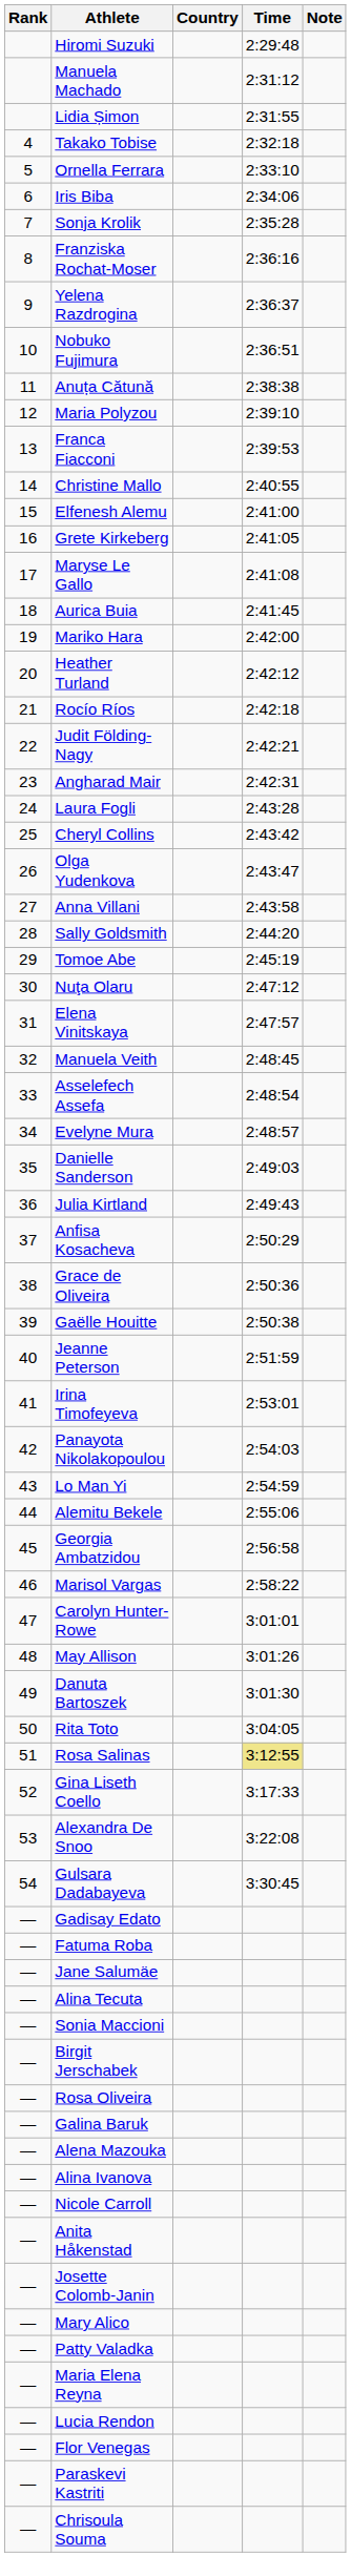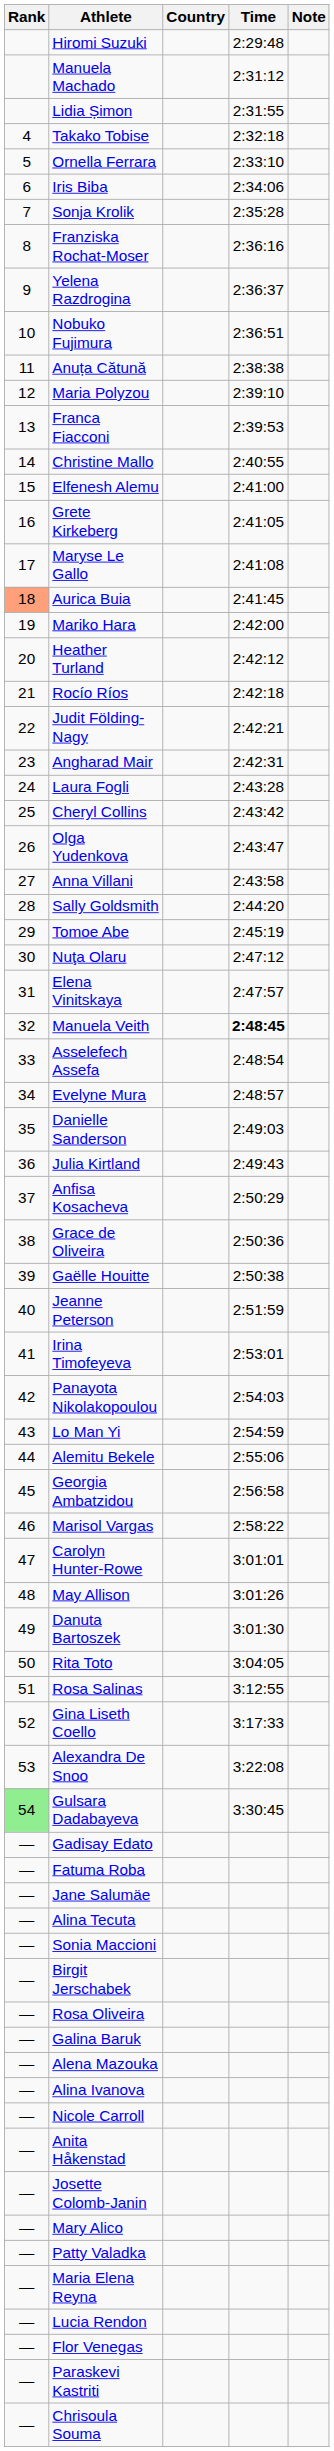 <table class="wikitable sortable" style=" text-align:center; font-size:110%;" width="60%">
 <tr>
 <th>Rank</th>
 <th>Athlete</th>
 <th>Country</th>
 <th>Time</th>
 <th>Note</th>
 </tr>
 <tr>
 <td></td>
 <td align=left><a href='#'>Hiromi Suzuki</a></td>
 <td align=left></td>
 <td>2:29:48</td>
 <td></td>
 </tr>
 <tr>
 <td></td>
 <td align=left><a href='#'>Manuela Machado</a></td>
 <td align=left></td>
 <td>2:31:12</td>
 <td></td>
 </tr>
 <tr>
 <td></td>
 <td align=left><a href='#'>Lidia Șimon</a></td>
 <td align=left></td>
 <td>2:31:55</td>
 <td></td>
 </tr>
 <tr>
 <td>4</td>
 <td align=left><a href='#'>Takako Tobise</a></td>
 <td align=left></td>
 <td>2:32:18</td>
 <td></td>
 </tr>
 <tr>
 <td>5</td>
 <td align=left><a href='#'>Ornella Ferrara</a></td>
 <td align=left></td>
 <td>2:33:10</td>
 <td></td>
 </tr>
 <tr>
 <td>6</td>
 <td align=left><a href='#'>Iris Biba</a></td>
 <td align=left></td>
 <td>2:34:06</td>
 <td></td>
 </tr>
 <tr>
 <td>7</td>
 <td align=left><a href='#'>Sonja Krolik</a></td>
 <td align=left></td>
 <td>2:35:28</td>
 <td></td>
 </tr>
 <tr>
 <td>8</td>
 <td align=left><a href='#'>Franziska Rochat-Moser</a></td>
 <td align=left></td>
 <td>2:36:16</td>
 <td></td>
 </tr>
 <tr>
 <td>9</td>
 <td align=left><a href='#'>Yelena Razdrogina</a></td>
 <td align=left></td>
 <td>2:36:37</td>
 <td></td>
 </tr>
 <tr>
 <td>10</td>
 <td align=left><a href='#'>Nobuko Fujimura</a></td>
 <td align=left></td>
 <td>2:36:51</td>
 <td></td>
 </tr>
 <tr>
 <td>11</td>
 <td align=left><a href='#'>Anuța Cătună</a></td>
 <td align=left></td>
 <td>2:38:38</td>
 <td></td>
 </tr>
 <tr>
 <td>12</td>
 <td align=left><a href='#'>Maria Polyzou</a></td>
 <td align=left></td>
 <td>2:39:10</td>
 <td></td>
 </tr>
 <tr>
 <td>13</td>
 <td align=left><a href='#'>Franca Fiacconi</a></td>
 <td align=left></td>
 <td>2:39:53</td>
 <td></td>
 </tr>
 <tr>
 <td>14</td>
 <td align=left><a href='#'>Christine Mallo</a></td>
 <td align=left></td>
 <td>2:40:55</td>
 <td></td>
 </tr>
 <tr>
 <td>15</td>
 <td align=left><a href='#'>Elfenesh Alemu</a></td>
 <td align=left></td>
 <td>2:41:00</td>
 <td></td>
 </tr>
 <tr>
 <td>16</td>
 <td align=left><a href='#'>Grete Kirkeberg</a></td>
 <td align=left></td>
 <td>2:41:05</td>
 <td></td>
 </tr>
 <tr>
 <td>17</td>
 <td align=left><a href='#'>Maryse Le Gallo</a></td>
 <td align=left></td>
 <td>2:41:08</td>
 <td></td>
 </tr>
 <tr>
-<td>18</td>
+<td style="background: lightsalmon;">18</td>
 <td align=left><a href='#'>Aurica Buia</a></td>
 <td align=left></td>
 <td>2:41:45</td>
 <td></td>
 </tr>
 <tr>
 <td>19</td>
 <td align=left><a href='#'>Mariko Hara</a></td>
 <td align=left></td>
 <td>2:42:00</td>
 <td></td>
 </tr>
 <tr>
 <td>20</td>
 <td align=left><a href='#'>Heather Turland</a></td>
 <td align=left></td>
 <td>2:42:12</td>
 <td></td>
 </tr>
 <tr>
 <td>21</td>
 <td align=left><a href='#'>Rocío Ríos</a></td>
 <td align=left></td>
 <td>2:42:18</td>
 <td></td>
 </tr>
 <tr>
 <td>22</td>
 <td align=left><a href='#'>Judit Földing-Nagy</a></td>
 <td align=left></td>
 <td>2:42:21</td>
 <td></td>
 </tr>
 <tr>
 <td>23</td>
 <td align=left><a href='#'>Angharad Mair</a></td>
 <td align=left></td>
 <td>2:42:31</td>
 <td></td>
 </tr>
 <tr>
 <td>24</td>
 <td align=left><a href='#'>Laura Fogli</a></td>
 <td align=left></td>
 <td>2:43:28</td>
 <td></td>
 </tr>
 <tr>
 <td>25</td>
 <td align=left><a href='#'>Cheryl Collins</a></td>
 <td align=left></td>
 <td>2:43:42</td>
 <td></td>
 </tr>
 <tr>
 <td>26</td>
 <td align=left><a href='#'>Olga Yudenkova</a></td>
 <td align=left></td>
 <td>2:43:47</td>
 <td></td>
 </tr>
 <tr>
 <td>27</td>
 <td align=left><a href='#'>Anna Villani</a></td>
 <td align=left></td>
 <td>2:43:58</td>
 <td></td>
 </tr>
 <tr>
 <td>28</td>
 <td align=left><a href='#'>Sally Goldsmith</a></td>
 <td align=left></td>
 <td>2:44:20</td>
 <td></td>
 </tr>
 <tr>
 <td>29</td>
 <td align=left><a href='#'>Tomoe Abe</a></td>
 <td align=left></td>
 <td>2:45:19</td>
 <td></td>
 </tr>
 <tr>
 <td>30</td>
 <td align=left><a href='#'>Nuţa Olaru</a></td>
 <td align=left></td>
 <td>2:47:12</td>
 <td></td>
 </tr>
 <tr>
 <td>31</td>
 <td align=left><a href='#'>Elena Vinitskaya</a></td>
 <td align=left></td>
 <td>2:47:57</td>
 <td></td>
 </tr>
 <tr>
 <td>32</td>
 <td align=left><a href='#'>Manuela Veith</a></td>
 <td align=left></td>
-<td>2:48:45</td>
+<td><strong>2:48:45</strong></td>
 <td></td>
 </tr>
 <tr>
 <td>33</td>
 <td align=left><a href='#'>Asselefech Assefa</a></td>
 <td align=left></td>
 <td>2:48:54</td>
 <td></td>
 </tr>
 <tr>
 <td>34</td>
 <td align=left><a href='#'>Evelyne Mura</a></td>
 <td align=left></td>
 <td>2:48:57</td>
 <td></td>
 </tr>
 <tr>
 <td>35</td>
 <td align=left><a href='#'>Danielle Sanderson</a></td>
 <td align=left></td>
 <td>2:49:03</td>
 <td></td>
 </tr>
 <tr>
 <td>36</td>
 <td align=left><a href='#'>Julia Kirtland</a></td>
 <td align=left></td>
 <td>2:49:43</td>
 <td></td>
 </tr>
 <tr>
 <td>37</td>
 <td align=left><a href='#'>Anfisa Kosacheva</a></td>
 <td align=left></td>
 <td>2:50:29</td>
 <td></td>
 </tr>
 <tr>
 <td>38</td>
 <td align=left><a href='#'>Grace de Oliveira</a></td>
 <td align=left></td>
 <td>2:50:36</td>
 <td></td>
 </tr>
 <tr>
 <td>39</td>
 <td align=left><a href='#'>Gaëlle Houitte</a></td>
 <td align=left></td>
 <td>2:50:38</td>
 <td></td>
 </tr>
 <tr>
 <td>40</td>
 <td align=left><a href='#'>Jeanne Peterson</a></td>
 <td align=left></td>
 <td>2:51:59</td>
 <td></td>
 </tr>
 <tr>
 <td>41</td>
 <td align=left><a href='#'>Irina Timofeyeva</a></td>
 <td align=left></td>
 <td>2:53:01</td>
 <td></td>
 </tr>
 <tr>
 <td>42</td>
 <td align=left><a href='#'>Panayota Nikolakopoulou</a></td>
 <td align=left></td>
 <td>2:54:03</td>
 <td></td>
 </tr>
 <tr>
 <td>43</td>
 <td align=left><a href='#'>Lo Man Yi</a></td>
 <td align=left></td>
 <td>2:54:59</td>
 <td></td>
 </tr>
 <tr>
 <td>44</td>
 <td align=left><a href='#'>Alemitu Bekele</a></td>
 <td align=left></td>
 <td>2:55:06</td>
 <td></td>
 </tr>
 <tr>
 <td>45</td>
 <td align=left><a href='#'>Georgia Ambatzidou</a></td>
 <td align=left></td>
 <td>2:56:58</td>
 <td></td>
 </tr>
 <tr>
 <td>46</td>
 <td align=left><a href='#'>Marisol Vargas</a></td>
 <td align=left></td>
 <td>2:58:22</td>
 <td></td>
 </tr>
 <tr>
 <td>47</td>
 <td align=left><a href='#'>Carolyn Hunter-Rowe</a></td>
 <td align=left></td>
 <td>3:01:01</td>
 <td></td>
 </tr>
 <tr>
 <td>48</td>
 <td align=left><a href='#'>May Allison</a></td>
 <td align=left></td>
 <td>3:01:26</td>
 <td></td>
 </tr>
 <tr>
 <td>49</td>
 <td align=left><a href='#'>Danuta Bartoszek</a></td>
 <td align=left></td>
 <td>3:01:30</td>
 <td></td>
 </tr>
 <tr>
 <td>50</td>
 <td align=left><a href='#'>Rita Toto</a></td>
 <td align=left></td>
 <td>3:04:05</td>
 <td></td>
 </tr>
 <tr>
 <td>51</td>
 <td align=left><a href='#'>Rosa Salinas</a></td>
 <td align=left></td>
-<td style="background: khaki;">3:12:55</td>
+<td>3:12:55</td>
 <td></td>
 </tr>
 <tr>
 <td>52</td>
 <td align=left><a href='#'>Gina Liseth Coello</a></td>
 <td align=left></td>
 <td>3:17:33</td>
 <td></td>
 </tr>
 <tr>
 <td>53</td>
 <td align=left><a href='#'>Alexandra De Snoo</a></td>
 <td align=left></td>
 <td>3:22:08</td>
 <td></td>
 </tr>
 <tr>
-<td>54</td>
+<td style="background: lightgreen;">54</td>
 <td align=left><a href='#'>Gulsara Dadabayeva</a></td>
 <td align=left></td>
 <td>3:30:45</td>
 <td></td>
 </tr>
 <tr>
 <td>—</td>
 <td align=left><a href='#'>Gadisay Edato</a></td>
 <td align=left></td>
 <td></td>
 <td></td>
 </tr>
 <tr>
 <td>—</td>
 <td align=left><a href='#'>Fatuma Roba</a></td>
 <td align=left></td>
 <td></td>
 <td></td>
 </tr>
 <tr>
 <td>—</td>
 <td align=left><a href='#'>Jane Salumäe</a></td>
 <td align=left></td>
 <td></td>
 <td></td>
 </tr>
 <tr>
 <td>—</td>
 <td align=left><a href='#'>Alina Tecuta</a></td>
 <td align=left></td>
 <td></td>
 <td></td>
 </tr>
 <tr>
 <td>—</td>
 <td align=left><a href='#'>Sonia Maccioni</a></td>
 <td align=left></td>
 <td></td>
 <td></td>
 </tr>
 <tr>
 <td>—</td>
 <td align=left><a href='#'>Birgit Jerschabek</a></td>
 <td align=left></td>
 <td></td>
 <td></td>
 </tr>
 <tr>
 <td>—</td>
 <td align=left><a href='#'>Rosa Oliveira</a></td>
 <td align=left></td>
 <td></td>
 <td></td>
 </tr>
 <tr>
 <td>—</td>
 <td align=left><a href='#'>Galina Baruk</a></td>
 <td align=left></td>
 <td></td>
 <td></td>
 </tr>
 <tr>
 <td>—</td>
 <td align=left><a href='#'>Alena Mazouka</a></td>
 <td align=left></td>
 <td></td>
 <td></td>
 </tr>
 <tr>
 <td>—</td>
 <td align=left><a href='#'>Alina Ivanova</a></td>
 <td align=left></td>
 <td></td>
 <td></td>
 </tr>
 <tr>
 <td>—</td>
 <td align=left><a href='#'>Nicole Carroll</a></td>
 <td align=left></td>
 <td></td>
 <td></td>
 </tr>
 <tr>
 <td>—</td>
 <td align=left><a href='#'>Anita Håkenstad</a></td>
 <td align=left></td>
 <td></td>
 <td></td>
 </tr>
 <tr>
 <td>—</td>
 <td align=left><a href='#'>Josette Colomb-Janin</a></td>
 <td align=left></td>
 <td></td>
 <td></td>
 </tr>
 <tr>
 <td>—</td>
 <td align=left><a href='#'>Mary Alico</a></td>
 <td align=left></td>
 <td></td>
 <td></td>
 </tr>
 <tr>
 <td>—</td>
 <td align=left><a href='#'>Patty Valadka</a></td>
 <td align=left></td>
 <td></td>
 <td></td>
 </tr>
 <tr>
 <td>—</td>
 <td align=left><a href='#'>Maria Elena Reyna</a></td>
 <td align=left></td>
 <td></td>
 <td></td>
 </tr>
 <tr>
 <td>—</td>
 <td align=left><a href='#'>Lucia Rendon</a></td>
 <td align=left></td>
 <td></td>
 <td></td>
 </tr>
 <tr>
 <td>—</td>
 <td align=left><a href='#'>Flor Venegas</a></td>
 <td align=left></td>
 <td></td>
 <td></td>
 </tr>
 <tr>
 <td>—</td>
 <td align=left><a href='#'>Paraskevi Kastriti</a></td>
 <td align=left></td>
 <td></td>
 <td></td>
 </tr>
 <tr>
 <td>—</td>
 <td align=left><a href='#'>Chrisoula Souma</a></td>
 <td align=left></td>
 <td></td>
 <td></td>
 </tr>
 </table>
